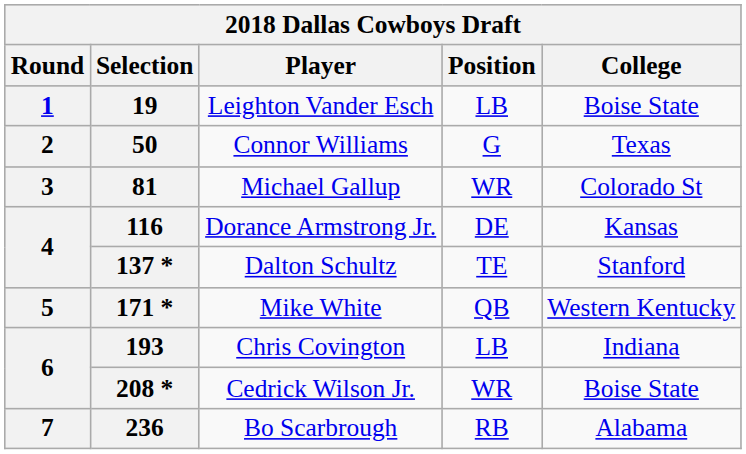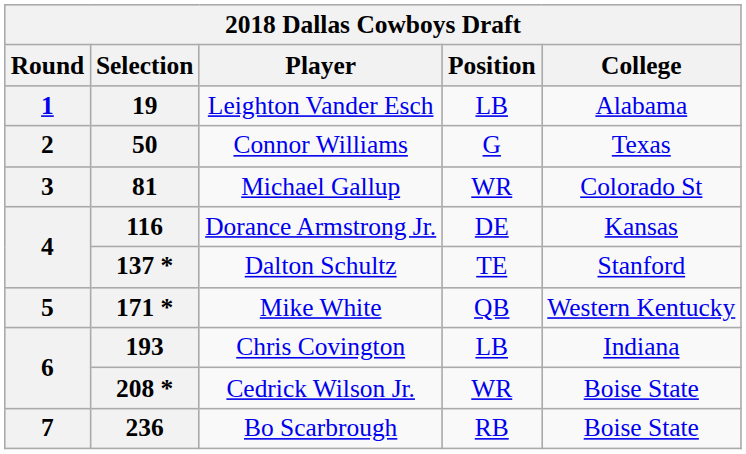 <table class="wikitable" style="text-align: center">
 <tr>
 <th colspan="5">2018 Dallas Cowboys Draft</th>
 </tr>
 <tr>
 <th>Round</th>
 <th>Selection</th>
 <th>Player</th>
 <th>Position</th>
 <th>College</th>
 </tr>
 <tr>
 <th><a href='#'>1</a></th>
 <th>19</th>
 <td><a href='#'>Leighton Vander Esch</a></td>
 <td><a href='#'>LB</a></td>
-<td><a href='#'>Boise State</a></td>
+<td><a href='#'>Alabama</a></td>
 </tr>
 <tr>
 <th>2</th>
 <th>50</th>
 <td><a href='#'>Connor Williams</a></td>
 <td><a href='#'>G</a></td>
 <td><a href='#'>Texas</a></td>
 </tr>
 <tr>
 <th>3</th>
 <th>81</th>
 <td><a href='#'>Michael Gallup</a></td>
 <td><a href='#'>WR</a></td>
 <td><a href='#'>Colorado St</a></td>
 </tr>
 <tr>
 <th rowspan="2">4</th>
 <th>116</th>
 <td><a href='#'>Dorance Armstrong Jr.</a></td>
 <td><a href='#'>DE</a></td>
 <td><a href='#'>Kansas</a></td>
 </tr>
 <tr>
 <th>137 *</th>
 <td><a href='#'>Dalton Schultz</a></td>
 <td><a href='#'>TE</a></td>
 <td><a href='#'>Stanford</a></td>
 </tr>
 <tr>
 <th>5</th>
 <th>171 *</th>
 <td><a href='#'>Mike White</a></td>
 <td><a href='#'>QB</a></td>
 <td><a href='#'>Western Kentucky</a></td>
 </tr>
 <tr>
 <th rowspan="2">6</th>
 <th>193</th>
 <td><a href='#'>Chris Covington</a></td>
 <td><a href='#'>LB</a></td>
 <td><a href='#'>Indiana</a></td>
 </tr>
 <tr>
 <th>208 *</th>
 <td><a href='#'>Cedrick Wilson Jr.</a></td>
 <td><a href='#'>WR</a></td>
 <td><a href='#'>Boise State</a></td>
 </tr>
 <tr>
 <th>7</th>
 <th>236</th>
 <td><a href='#'>Bo Scarbrough</a></td>
 <td><a href='#'>RB</a></td>
-<td><a href='#'>Alabama</a></td>
+<td><a href='#'>Boise State</a></td>
 </tr>
 </table>
